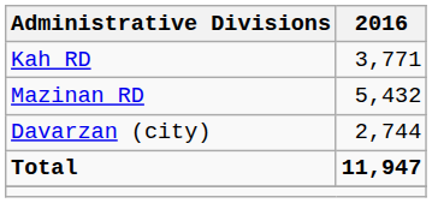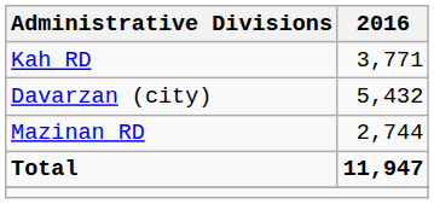 <table class="wikitable">
 <tr>
 <th>Administrative Divisions</th>
 <th>2016</th>
 </tr>
 <tr>
 <td><a href='#'>Kah RD</a></td>
 <td style="text-align: right;">3,771</td>
 </tr>
 <tr>
-<td><a href='#'>Mazinan RD</a></td>
+<td><a href='#'>Davarzan</a> (city)</td>
 <td style="text-align: right;">5,432</td>
 </tr>
 <tr>
-<td><a href='#'>Davarzan</a> (city)</td>
+<td><a href='#'>Mazinan RD</a></td>
 <td style="text-align: right;">2,744</td>
 </tr>
 <tr>
 <td><strong>Total</strong></td>
 <td style="text-align: right;"><strong>11,947</strong></td>
 </tr>
 <tr>
 </tr>
 <tr>
 <td colspan=2></td>
 </tr>
 </table>
